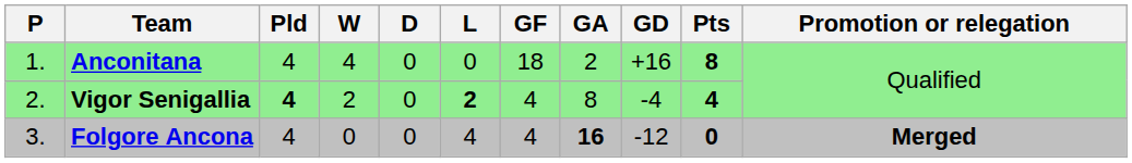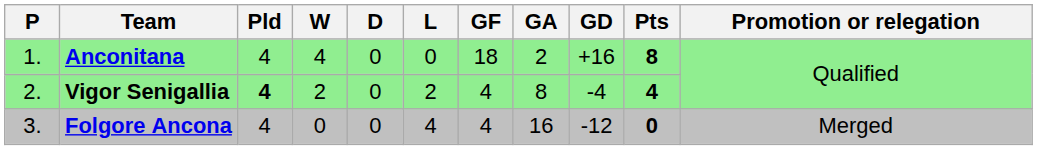 <table class="wikitable sortable" style="text-align: center;">
 <tr>
 <th width=33>P<br></th>
 <th>Team<br></th>
 <th width=33>Pld<br></th>
 <th width=33>W<br></th>
 <th width=33>D<br></th>
 <th width=33>L<br></th>
 <th width=33>GF<br></th>
 <th width=33>GA<br></th>
 <th width=33>GD<br></th>
 <th width=33>Pts<br></th>
 <th class="unsortable" width=250>Promotion or relegation<br></th>
 </tr>
 <tr style="background: #90EE90;">
 <td>1.</td>
 <td align="left"><strong><a href='#'>Anconitana</a></strong></td>
 <td>4</td>
 <td>4</td>
 <td>0</td>
 <td>0</td>
 <td>18</td>
 <td>2</td>
 <td>+16</td>
 <td><strong>8</strong></td>
 <td rowspan="2">Qualified</td>
 </tr>
 <tr style="background: #90EE90;">
 <td>2.</td>
 <td align="left"><strong>Vigor Senigallia</strong></td>
 <td><strong>4</strong></td>
 <td>2</td>
 <td>0</td>
-<td><strong>2</strong></td>
+<td>2</td>
 <td>4</td>
 <td>8</td>
 <td>-4</td>
 <td><strong>4</strong></td>
 </tr>
 <tr style="background: silver">
 <td>3.</td>
 <td align="left"><strong><a href='#'>Folgore Ancona</a></strong></td>
 <td>4</td>
 <td>0</td>
 <td>0</td>
 <td>4</td>
 <td>4</td>
-<td><strong>16</strong></td>
+<td>16</td>
 <td>-12</td>
 <td><strong>0</strong></td>
-<td><strong>Merged</strong></td>
+<td>Merged</td>
 </tr>
 </table>
